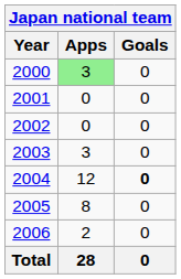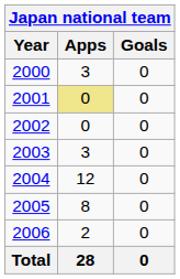 <table class="wikitable" style="text-align:center">
 <tr>
 <th colspan=3><a href='#'>Japan national team</a></th>
 </tr>
 <tr>
 <th>Year</th>
 <th>Apps</th>
 <th>Goals</th>
 </tr>
 <tr>
 <td><a href='#'>2000</a></td>
-<td style="background: lightgreen;">3</td>
+<td>3</td>
 <td>0</td>
 </tr>
 <tr>
 <td><a href='#'>2001</a></td>
-<td>0</td>
+<td style="background: khaki;">0</td>
 <td>0</td>
 </tr>
 <tr>
 <td><a href='#'>2002</a></td>
 <td>0</td>
 <td>0</td>
 </tr>
 <tr>
 <td><a href='#'>2003</a></td>
 <td>3</td>
 <td>0</td>
 </tr>
 <tr>
 <td><a href='#'>2004</a></td>
 <td>12</td>
-<td><strong>0</strong></td>
+<td>0</td>
 </tr>
 <tr>
 <td><a href='#'>2005</a></td>
 <td>8</td>
 <td>0</td>
 </tr>
 <tr>
 <td><a href='#'>2006</a></td>
 <td>2</td>
 <td>0</td>
 </tr>
 <tr>
 <th>Total</th>
 <th>28</th>
 <th>0</th>
 </tr>
 </table>
